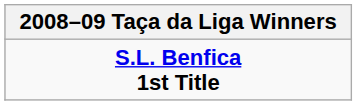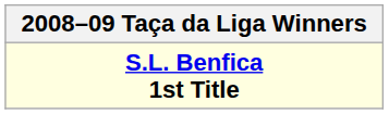 <table class="wikitable" style="text-align: center; margin: 0 auto; width: 20%">
 <tr>
 <th>2008–09 Taça da Liga Winners</th>
 </tr>
 <tr>
-<td><strong><a href='#'>S.L. Benfica</a></strong><br><strong>1st Title</strong></td>
+<td style="background: lightyellow;"><strong><a href='#'>S.L. Benfica</a></strong><br><strong>1st Title</strong></td>
 </tr>
 </table>
